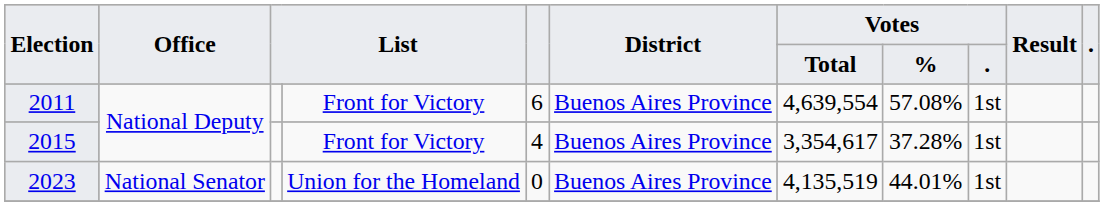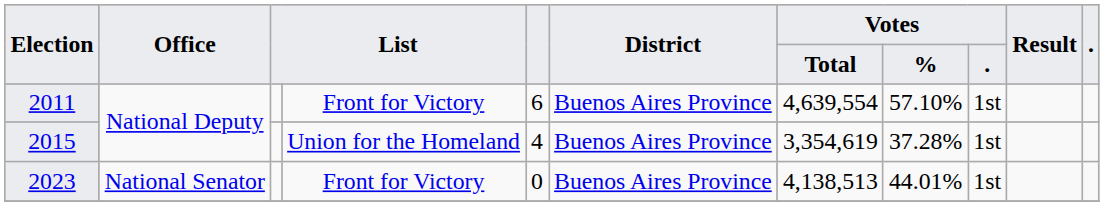 <table class="wikitable" style="font-size:90%; text-align:center;">
 <tr>
 <th style="background-color:#EAECF0;" rowspan=2>Election</th>
 <th style="background-color:#EAECF0;" rowspan=2>Office</th>
 <th style="background-color:#EAECF0;" colspan=2 rowspan=2>List</th>
 <th style="background-color:#EAECF0;" rowspan=2></th>
 <th style="background-color:#EAECF0;" rowspan=2>District</th>
 <th style="background-color:#EAECF0;" colspan=3>Votes</th>
 <th style="background-color:#EAECF0;" rowspan=2>Result</th>
 <th style="background-color:#EAECF0;" rowspan=2>.</th>
 </tr>
 <tr>
 <th style="background-color:#EAECF0;">Total</th>
 <th style="background-color:#EAECF0;">%</th>
 <th style="background-color:#EAECF0;">.</th>
 </tr>
 <tr>
 <td style="background-color:#EAECF0;"><a href='#'>2011</a></td>
 <td rowspan="2"><a href='#'>National Deputy</a></td>
 <td style="background-color:"></td>
 <td><a href='#'>Front for Victory</a></td>
 <td>6</td>
 <td><a href='#'>Buenos Aires Province</a></td>
 <td>4,639,554</td>
-<td>57.08%</td>
+<td>57.10%</td>
 <td>1st</td>
 <td></td>
 <td></td>
 </tr>
 <tr>
 <td style="background-color:#EAECF0;"><a href='#'>2015</a></td>
 <td style="background-color:"></td>
-<td><a href='#'>Front for Victory</a></td>
+<td><a href='#'>Union for the Homeland</a></td>
 <td>4</td>
 <td><a href='#'>Buenos Aires Province</a></td>
-<td>3,354,617</td>
+<td>3,354,619</td>
 <td>37.28%</td>
 <td>1st</td>
 <td></td>
 <td></td>
 </tr>
 <tr>
 <td style="background-color:#EAECF0;"><a href='#'>2023</a></td>
 <td><a href='#'>National Senator</a></td>
 <td style="background-color:"></td>
-<td><a href='#'>Union for the Homeland</a></td>
+<td><a href='#'>Front for Victory</a></td>
 <td>0</td>
 <td><a href='#'>Buenos Aires Province</a></td>
-<td>4,135,519</td>
+<td>4,138,513</td>
 <td>44.01%</td>
 <td>1st</td>
 <td></td>
 <td></td>
 </tr>
 <tr>
 </tr>
 </table>
